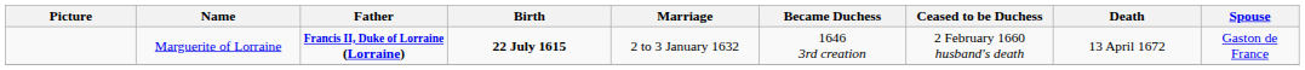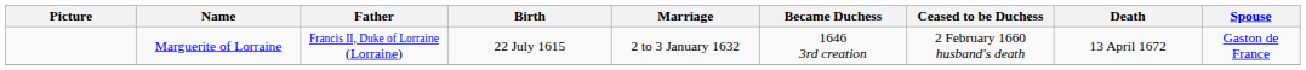 <table width=95% class="wikitable">
 <tr>
 <th width = "8%">Picture</th>
 <th width = "10%">Name</th>
 <th width = "9%">Father</th>
 <th width = "10%">Birth</th>
 <th width = "9%">Marriage</th>
 <th width = "9%">Became Duchess</th>
 <th width = "9%">Ceased to be Duchess</th>
 <th width = "9%">Death</th>
 <th width = "6%"><a href='#'>Spouse</a></th>
 </tr>
 <tr>
 <td align="center"></td>
 <td align="center"><a href='#'>Marguerite of Lorraine</a></td>
-<td align="center"><strong><small><a href='#'>Francis II, Duke of Lorraine</a></small><br> (<a href='#'>Lorraine</a>)</strong></td>
-<td align="center"><strong>22 July 1615</strong></td>
+<td align="center"><small><a href='#'>Francis II, Duke of Lorraine</a></small><br> (<a href='#'>Lorraine</a>)</td>
+<td align="center">22 July 1615</td>
 <td align="center">2 to 3 January 1632</td>
 <td align="center">1646<br><em>3rd creation</em></td>
 <td align="center">2 February 1660<br><em>husband's death</em></td>
 <td align="center">13 April 1672</td>
 <td align="center"><a href='#'>Gaston de France</a></td>
 </tr>
 <tr>
 </tr>
 </table>
